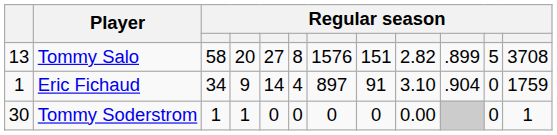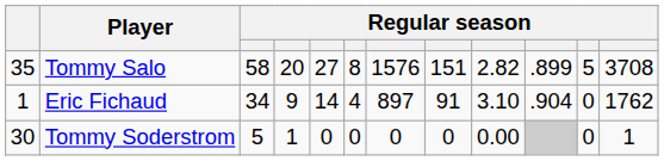 <table class="wikitable plainrowheaders" style="text-align:center;">
 <tr>
 <th scope="col" rowspan="2"></th>
 <th scope="col" rowspan="2">Player</th>
 <th scope=colgroup colspan=10>Regular season</th>
 </tr>
 <tr>
 <th scope="col"></th>
 <th scope="col"></th>
 <th scope="col"></th>
 <th scope="col"></th>
 <th scope="col"></th>
 <th scope="col"></th>
 <th scope="col"></th>
 <th scope="col"></th>
 <th scope="col"></th>
 <th scope="col"></th>
 </tr>
 <tr>
-<td scope="row">13</td>
+<td scope="row">35</td>
 <td align="left"><a href='#'>Tommy Salo</a></td>
 <td>58</td>
 <td>20</td>
 <td>27</td>
 <td>8</td>
 <td>1576</td>
 <td>151</td>
 <td>2.82</td>
 <td>.899</td>
 <td>5</td>
 <td>3708</td>
 </tr>
 <tr>
 <td scope="row">1</td>
 <td align="left"><a href='#'>Eric Fichaud</a></td>
 <td>34</td>
 <td>9</td>
 <td>14</td>
 <td>4</td>
 <td>897</td>
 <td>91</td>
 <td>3.10</td>
 <td>.904</td>
 <td>0</td>
-<td>1759</td>
+<td>1762</td>
 </tr>
 <tr>
 <td scope="row">30</td>
 <td align="left"><a href='#'>Tommy Soderstrom</a></td>
-<td>1</td>
+<td>5</td>
 <td>1</td>
 <td>0</td>
 <td>0</td>
 <td>0</td>
 <td>0</td>
 <td>0.00</td>
 <td style="background:#ccc"></td>
 <td>0</td>
 <td>1</td>
 </tr>
 </table>
